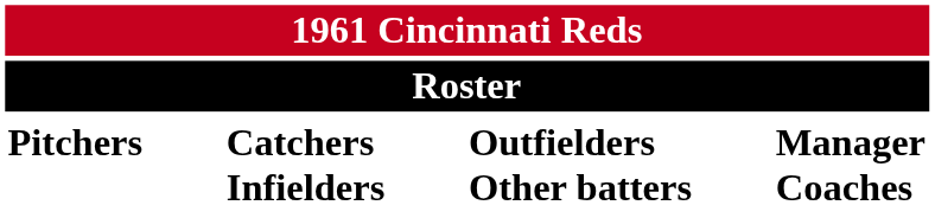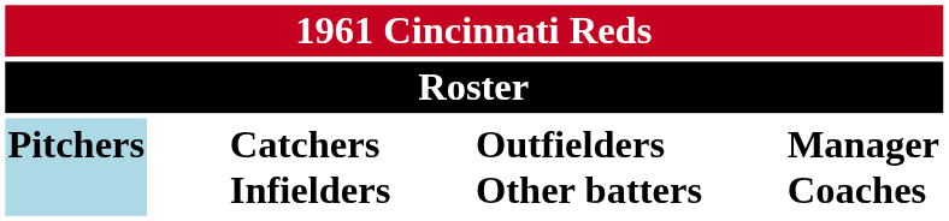 <table class="toccolours" style="font-size: 95%;">
 <tr>
 <th colspan="10" style="background-color: #c6011f; color: white; text-align: center;">1961 Cincinnati Reds</th>
 </tr>
 <tr>
 <td colspan="10" style="background-color: black; color: white; text-align: center;"><strong>Roster</strong></td>
 </tr>
 <tr>
-<td valign="top"><strong>Pitchers</strong><br>            </td>
+<td valign="top" style="background: lightblue;"><strong>Pitchers</strong><br>            </td>
 <td width="25px"></td>
 <td valign="top"><strong>Catchers</strong><br>     <strong>Infielders</strong>          </td>
 <td width="25px"></td>
 <td valign="top"><strong>Outfielders</strong><br>       <strong>Other batters</strong>  </td>
 <td width="25px"></td>
 <td valign="top"><strong>Manager</strong><br> <strong>Coaches</strong>     </td>
 </tr>
 </table>
